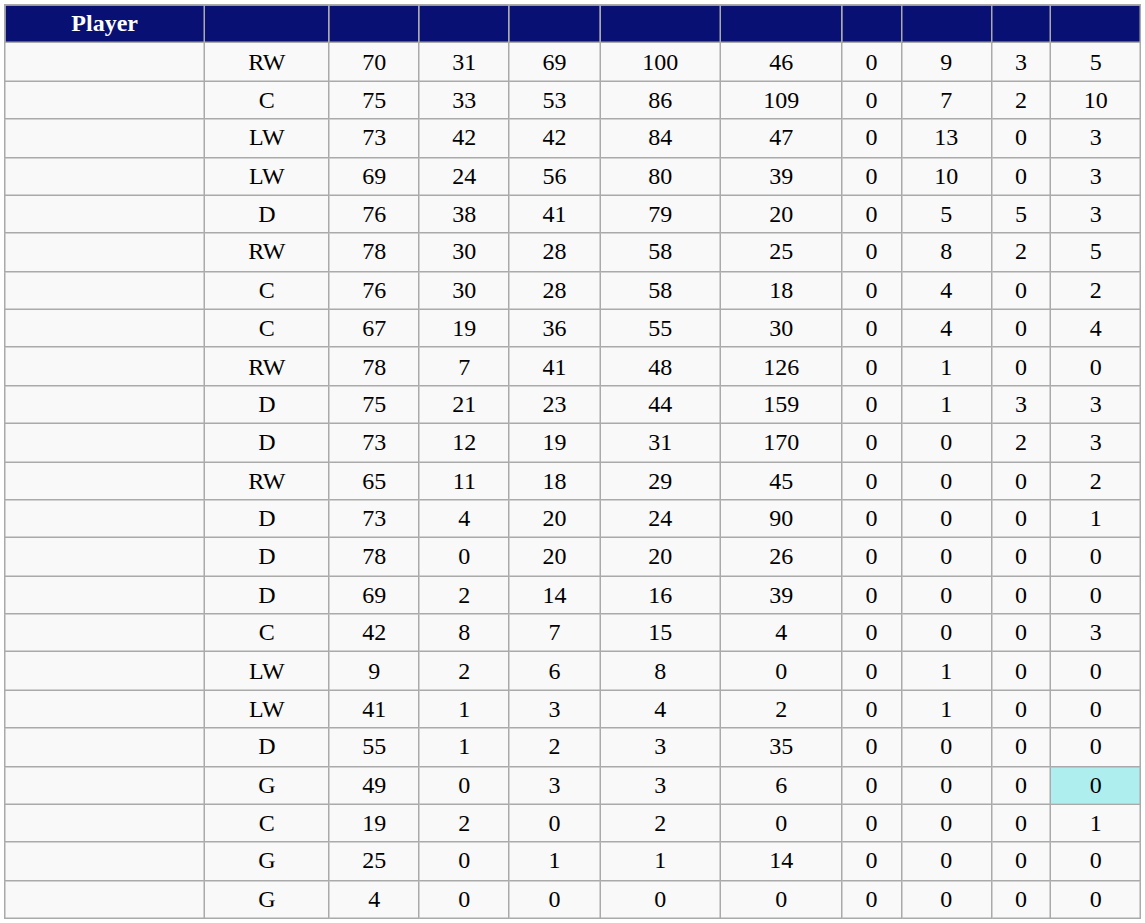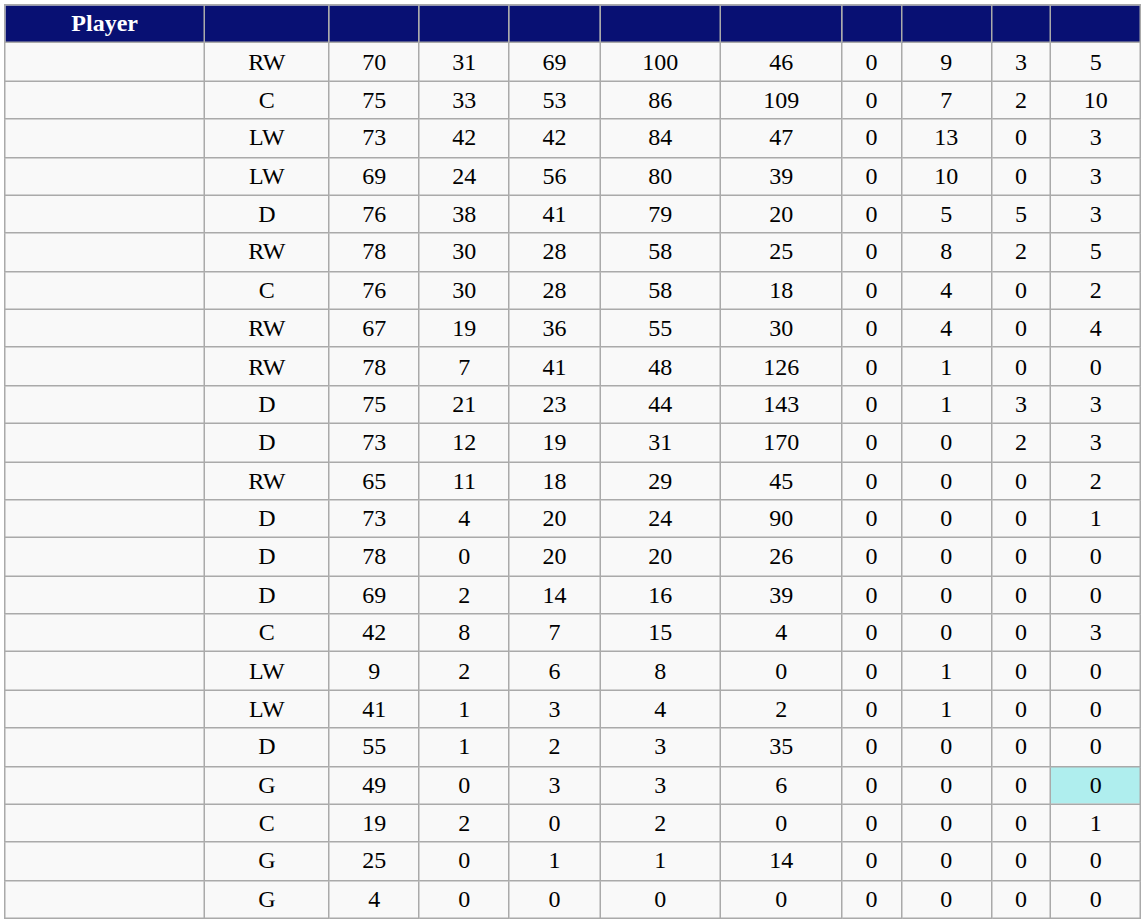 <table class="wikitable sortable" style="width:60%; text-align:center;">
 <tr align=center>
 <th style="color:white; background:#081073; ">Player</th>
 <th style="color:white; background:#081073; "></th>
 <th style="color:white; background:#081073; "></th>
 <th style="color:white;background:#081073; "></th>
 <th style="color:white;background:#081073; "></th>
 <th style="color:white;background:#081073; "></th>
 <th style="color:white;background:#081073; "></th>
 <th style="color:white; background:#081073; "></th>
 <th style="color:white;background:#081073; "></th>
 <th style="color:white;background:#081073; "></th>
 <th style="color:white;background:#081073; "></th>
 </tr>
 <tr>
 <td align="right"></td>
 <td>RW</td>
 <td>70</td>
 <td>31</td>
 <td>69</td>
 <td>100</td>
 <td>46</td>
 <td>0</td>
 <td>9</td>
 <td>3</td>
 <td>5</td>
 </tr>
 <tr align="center">
 <td align="right"></td>
 <td>C</td>
 <td>75</td>
 <td>33</td>
 <td>53</td>
 <td>86</td>
 <td>109</td>
 <td>0</td>
 <td>7</td>
 <td>2</td>
 <td>10</td>
 </tr>
 <tr align="center">
 <td align="right"></td>
 <td>LW</td>
 <td>73</td>
 <td>42</td>
 <td>42</td>
 <td>84</td>
 <td>47</td>
 <td>0</td>
 <td>13</td>
 <td>0</td>
 <td>3</td>
 </tr>
 <tr align="center">
 <td align="right"></td>
 <td>LW</td>
 <td>69</td>
 <td>24</td>
 <td>56</td>
 <td>80</td>
 <td>39</td>
 <td>0</td>
 <td>10</td>
 <td>0</td>
 <td>3</td>
 </tr>
 <tr align="center">
 <td align="right"></td>
 <td>D</td>
 <td>76</td>
 <td>38</td>
 <td>41</td>
 <td>79</td>
 <td>20</td>
 <td>0</td>
 <td>5</td>
 <td>5</td>
 <td>3</td>
 </tr>
 <tr align="center">
 <td align="right"></td>
 <td>RW</td>
 <td>78</td>
 <td>30</td>
 <td>28</td>
 <td>58</td>
 <td>25</td>
 <td>0</td>
 <td>8</td>
 <td>2</td>
 <td>5</td>
 </tr>
 <tr align="center">
 <td align="right"></td>
 <td>C</td>
 <td>76</td>
 <td>30</td>
 <td>28</td>
 <td>58</td>
 <td>18</td>
 <td>0</td>
 <td>4</td>
 <td>0</td>
 <td>2</td>
 </tr>
 <tr align="center">
 <td align="right"></td>
-<td>C</td>
+<td>RW</td>
 <td>67</td>
 <td>19</td>
 <td>36</td>
 <td>55</td>
 <td>30</td>
 <td>0</td>
 <td>4</td>
 <td>0</td>
 <td>4</td>
 </tr>
 <tr align="center">
 <td align="right"></td>
 <td>RW</td>
 <td>78</td>
 <td>7</td>
 <td>41</td>
 <td>48</td>
 <td>126</td>
 <td>0</td>
 <td>1</td>
 <td>0</td>
 <td>0</td>
 </tr>
 <tr align="center">
 <td align="right"></td>
 <td>D</td>
 <td>75</td>
 <td>21</td>
 <td>23</td>
 <td>44</td>
-<td>159</td>
+<td>143</td>
 <td>0</td>
 <td>1</td>
 <td>3</td>
 <td>3</td>
 </tr>
 <tr align="center">
 <td align="right"></td>
 <td>D</td>
 <td>73</td>
 <td>12</td>
 <td>19</td>
 <td>31</td>
 <td>170</td>
 <td>0</td>
 <td>0</td>
 <td>2</td>
 <td>3</td>
 </tr>
 <tr align="center">
 <td align="right"></td>
 <td>RW</td>
 <td>65</td>
 <td>11</td>
 <td>18</td>
 <td>29</td>
 <td>45</td>
 <td>0</td>
 <td>0</td>
 <td>0</td>
 <td>2</td>
 </tr>
 <tr align="center">
 <td align="right"></td>
 <td>D</td>
 <td>73</td>
 <td>4</td>
 <td>20</td>
 <td>24</td>
 <td>90</td>
 <td>0</td>
 <td>0</td>
 <td>0</td>
 <td>1</td>
 </tr>
 <tr align="center">
 <td align="right"></td>
 <td>D</td>
 <td>78</td>
 <td>0</td>
 <td>20</td>
 <td>20</td>
 <td>26</td>
 <td>0</td>
 <td>0</td>
 <td>0</td>
 <td>0</td>
 </tr>
 <tr align="center">
 <td align="right"></td>
 <td>D</td>
 <td>69</td>
 <td>2</td>
 <td>14</td>
 <td>16</td>
 <td>39</td>
 <td>0</td>
 <td>0</td>
 <td>0</td>
 <td>0</td>
 </tr>
 <tr align="center">
 <td align="right"></td>
 <td>C</td>
 <td>42</td>
 <td>8</td>
 <td>7</td>
 <td>15</td>
 <td>4</td>
 <td>0</td>
 <td>0</td>
 <td>0</td>
 <td>3</td>
 </tr>
 <tr align="center">
 <td align="right"></td>
 <td>LW</td>
 <td>9</td>
 <td>2</td>
 <td>6</td>
 <td>8</td>
 <td>0</td>
 <td>0</td>
 <td>1</td>
 <td>0</td>
 <td>0</td>
 </tr>
 <tr align="center">
 <td align="right"></td>
 <td>LW</td>
 <td>41</td>
 <td>1</td>
 <td>3</td>
 <td>4</td>
 <td>2</td>
 <td>0</td>
 <td>1</td>
 <td>0</td>
 <td>0</td>
 </tr>
 <tr align="center">
 <td align="right"></td>
 <td>D</td>
 <td>55</td>
 <td>1</td>
 <td>2</td>
 <td>3</td>
 <td>35</td>
 <td>0</td>
 <td>0</td>
 <td>0</td>
 <td>0</td>
 </tr>
 <tr align="center">
 <td align="right"></td>
 <td>G</td>
 <td>49</td>
 <td>0</td>
 <td>3</td>
 <td>3</td>
 <td>6</td>
 <td>0</td>
 <td>0</td>
 <td>0</td>
 <td style="background: paleturquoise;">0</td>
 </tr>
 <tr align="center">
 <td align="right"></td>
 <td>C</td>
 <td>19</td>
 <td>2</td>
 <td>0</td>
 <td>2</td>
 <td>0</td>
 <td>0</td>
 <td>0</td>
 <td>0</td>
 <td>1</td>
 </tr>
 <tr align="center">
 <td align="right"></td>
 <td>G</td>
 <td>25</td>
 <td>0</td>
 <td>1</td>
 <td>1</td>
 <td>14</td>
 <td>0</td>
 <td>0</td>
 <td>0</td>
 <td>0</td>
 </tr>
 <tr align="center">
 <td align="right"></td>
 <td>G</td>
 <td>4</td>
 <td>0</td>
 <td>0</td>
 <td>0</td>
 <td>0</td>
 <td>0</td>
 <td>0</td>
 <td>0</td>
 <td>0</td>
 </tr>
 </table>
